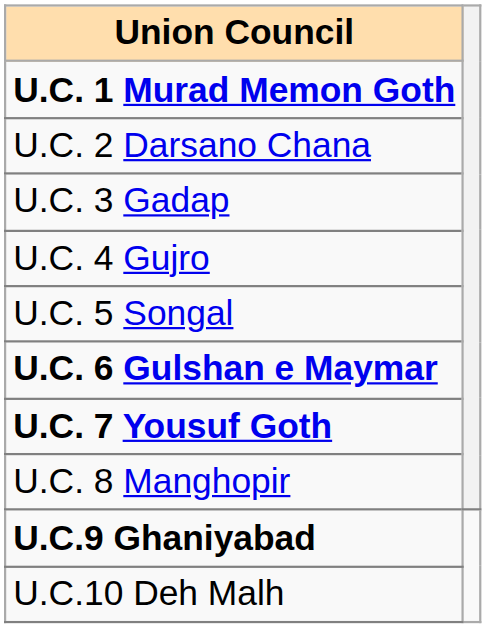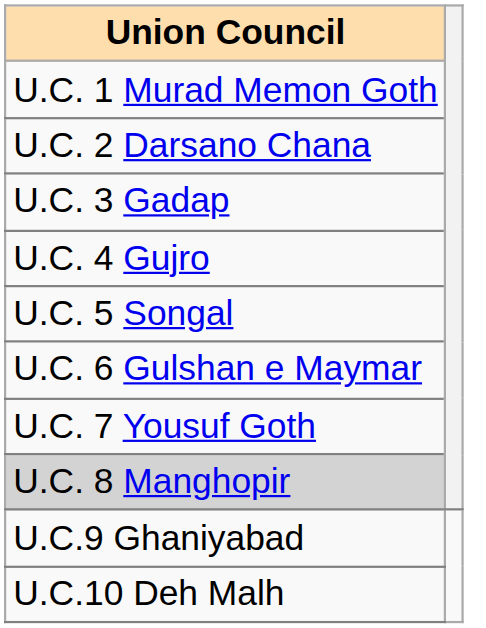 <table class="sortable wikitable" align="left">
 <tr>
 <th style="background:#ffdead;"><strong>Union Council</strong></th>
 <th rowspan=9 style="border-bottom:1px solid grey;" valign="top" class="unsortable"><br><br></th>
 </tr>
 <tr>
-<td style="border-bottom:1px solid grey;"><strong>U.C. 1 <a href='#'>Murad Memon Goth</a></strong></td>
+<td style="border-bottom:1px solid grey;">U.C. 1 <a href='#'>Murad Memon Goth</a></td>
 </tr>
 <tr>
 <td style="border-bottom:1px solid grey;">U.C. 2 <a href='#'>Darsano Chana</a></td>
 </tr>
 <tr>
 <td style="border-bottom:1px solid grey;">U.C. 3 <a href='#'>Gadap</a></td>
 </tr>
 <tr>
 <td style="border-bottom:1px solid grey;">U.C. 4 <a href='#'>Gujro</a></td>
 </tr>
 <tr>
 <td style="border-bottom:1px solid grey;">U.C. 5 <a href='#'>Songal</a></td>
 </tr>
 <tr>
-<td style="border-bottom:1px solid grey;"><strong>U.C. 6 <a href='#'>Gulshan e Maymar</a></strong></td>
+<td style="border-bottom:1px solid grey;">U.C. 6 <a href='#'>Gulshan e Maymar</a></td>
 </tr>
 <tr>
-<td style="border-bottom:1px solid grey;"><strong>U.C. 7 <a href='#'>Yousuf Goth</a></strong></td>
+<td style="border-bottom:1px solid grey;">U.C. 7 <a href='#'>Yousuf Goth</a></td>
 </tr>
 <tr>
-<td style="border-bottom:1px solid grey;">U.C. 8 <a href='#'>Manghopir</a></td>
+<td style="background: lightgrey; border-bottom:1px solid grey;">U.C. 8 <a href='#'>Manghopir</a></td>
 </tr>
 <tr>
-<td style="border-bottom:1px solid grey;"><strong>U.C.9 Ghaniyabad</strong></td>
+<td style="border-bottom:1px solid grey;">U.C.9 Ghaniyabad</td>
 </tr>
 <tr>
 <td style="border-bottom:1px solid grey;">U.C.10 Deh Malh</td>
 </tr>
 </table>
